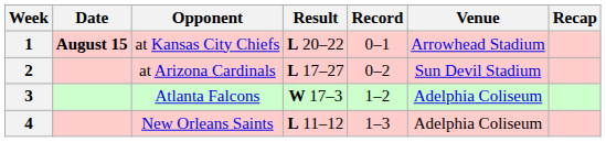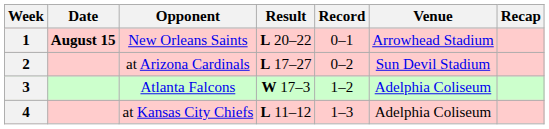 <table class="wikitable" style="text-align:center">
 <tr>
 <th>Week</th>
 <th>Date</th>
 <th>Opponent</th>
 <th>Result</th>
 <th>Record</th>
 <th>Venue</th>
 <th>Recap</th>
 </tr>
 <tr style="background:#fcc;">
 <th>1</th>
 <td><strong>August 15</strong></td>
-<td>at <a href='#'>Kansas City Chiefs</a></td>
+<td><a href='#'>New Orleans Saints</a></td>
 <td><strong>L</strong> 20–22</td>
 <td>0–1</td>
 <td><a href='#'>Arrowhead Stadium</a></td>
 <td></td>
 </tr>
 <tr style="background:#fcc;">
 <th>2</th>
 <td></td>
 <td>at <a href='#'>Arizona Cardinals</a></td>
 <td><strong>L</strong> 17–27</td>
 <td>0–2</td>
 <td><a href='#'>Sun Devil Stadium</a></td>
 <td></td>
 </tr>
 <tr style="background:#cfc;">
 <th>3</th>
 <td></td>
 <td><a href='#'>Atlanta Falcons</a></td>
 <td><strong>W</strong> 17–3</td>
 <td>1–2</td>
 <td><a href='#'>Adelphia Coliseum</a></td>
 <td></td>
 </tr>
 <tr style="background:#fcc;">
 <th>4</th>
 <td></td>
-<td><a href='#'>New Orleans Saints</a></td>
+<td>at <a href='#'>Kansas City Chiefs</a></td>
 <td><strong>L</strong> 11–12</td>
 <td>1–3</td>
 <td>Adelphia Coliseum</td>
 <td></td>
 </tr>
 </table>
